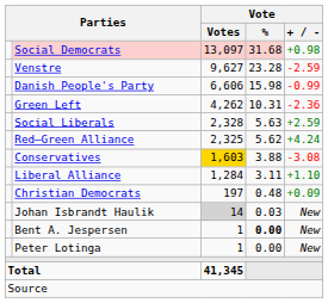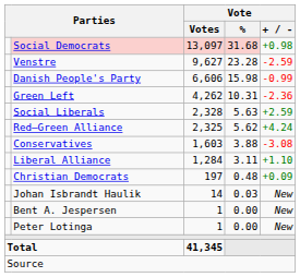 <table class="wikitable" style="text-align:right;">
 <tr>
 <th style="text-align:centre;" rowspan="2" colspan="2" width="225">Parties</th>
 <th colspan="3">Vote</th>
 </tr>
 <tr>
 <th width="15">Votes</th>
 <th width="15">%</th>
 <th width="15">+ / -</th>
 </tr>
 <tr>
 <td width="2" style="color:inherit;background:"></td>
 <td bgcolor=#fbd0ce  align="left"><a href='#'>Social Democrats</a></td>
 <td bgcolor=#fbd0ce>13,097</td>
 <td bgcolor=#fbd0ce>31.68</td>
 <td style=color:green;>+0.98</td>
 </tr>
 <tr>
 <td width="2" style="color:inherit;background:"></td>
 <td align="left"><a href='#'>Venstre</a></td>
 <td>9,627</td>
 <td>23.28</td>
 <td style=color:red;>-2.59</td>
 </tr>
 <tr>
 <td width="2" style="color:inherit;background:"></td>
 <td align="left"><a href='#'>Danish People's Party</a></td>
 <td>6,606</td>
 <td>15.98</td>
 <td style=color:red;>-0.99</td>
 </tr>
 <tr>
 <td width="2" style="color:inherit;background:"></td>
 <td align="left"><a href='#'>Green Left</a></td>
 <td>4,262</td>
 <td>10.31</td>
 <td style=color:red;>-2.36</td>
 </tr>
 <tr>
 <td width="2" style="color:inherit;background:"></td>
 <td align="left"><a href='#'>Social Liberals</a></td>
 <td>2,328</td>
 <td>5.63</td>
 <td style=color:green;>+2.59</td>
 </tr>
 <tr>
 <td width="2" style="color:inherit;background:"></td>
 <td align="left"><a href='#'>Red–Green Alliance</a></td>
 <td>2,325</td>
 <td>5.62</td>
 <td style=color:green;>+4.24</td>
 </tr>
 <tr>
 <td width="2" style="color:inherit;background:"></td>
 <td align="left"><a href='#'>Conservatives</a></td>
-<td style="background: gold;">1,603</td>
+<td>1,603</td>
 <td>3.88</td>
 <td style=color:red;>-3.08</td>
 </tr>
 <tr>
 <td width="2" style="color:inherit;background:"></td>
 <td align="left"><a href='#'>Liberal Alliance</a></td>
 <td>1,284</td>
 <td>3.11</td>
 <td style=color:green;>+1.10</td>
 </tr>
 <tr>
 <td width="2" style="color:inherit;background:"></td>
 <td align="left"><a href='#'>Christian Democrats</a></td>
 <td>197</td>
 <td>0.48</td>
 <td style=color:green;>+0.09</td>
 </tr>
 <tr>
 <td width="2" style="color:inherit;background:"></td>
 <td align="left">Johan Isbrandt Haulik</td>
-<td style="background: lightgrey;">14</td>
+<td>14</td>
 <td>0.03</td>
 <td><em>New</em></td>
 </tr>
 <tr>
 <td width="2" style="color:inherit;background:"></td>
 <td align="left">Bent A. Jespersen</td>
 <td>1</td>
-<td><strong>0.00</strong></td>
+<td>0.00</td>
 <td><em>New</em></td>
 </tr>
 <tr>
 <td width="2" style="color:inherit;background:"></td>
 <td align="left">Peter Lotinga</td>
 <td>1</td>
 <td>0.00</td>
 <td><em>New</em></td>
 </tr>
 <tr>
 <td colspan="7" bgcolor="#E9E9E9"></td>
 </tr>
 <tr>
 <td align="left" colspan="2"><strong>Total</strong></td>
 <td><strong>41,345</strong></td>
 <td bgcolor="#E9E9E9" colspan="2"></td>
 </tr>
 <tr>
 <td align="left" colspan="6">Source</td>
 </tr>
 </table>
